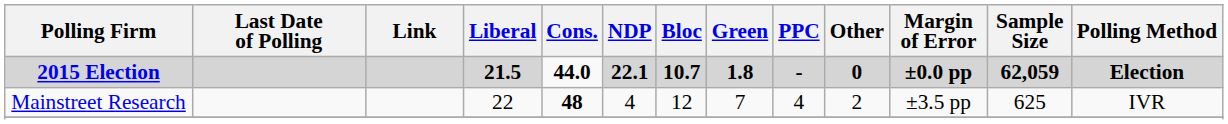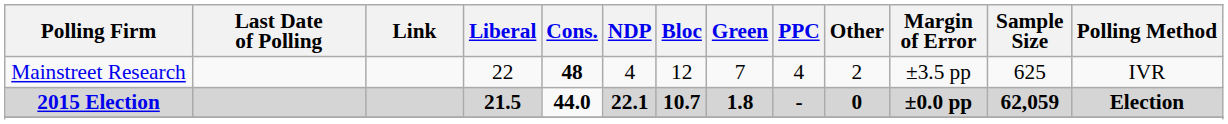 <table class="wikitable sortable" style="text-align:center;font-size:90%;line-height:14px;">
 <tr style="background:#e9e9e9;">
 <th style="width:120px">Polling Firm</th>
 <th style="width:110px">Last Date<br>of Polling</th>
 <th style="width:60px" class="unsortable">Link</th>
 <th style="background-color:"><strong><a href='#'>Liberal</a></strong></th>
 <th style="background-color:"><strong><a href='#'>Cons.</a></strong></th>
 <th style="background-color:"><strong><a href='#'>NDP</a></strong></th>
 <th style="background-color:"><strong><a href='#'>Bloc</a></strong></th>
 <th style="background-color:"><strong><a href='#'>Green</a></strong></th>
 <th style="background-color:"><strong><a href='#'>PPC</a></strong></th>
 <th style="background-color:"><strong>Other</strong></th>
 <th style="width:60px;" class=unsortable>Margin<br>of Error</th>
 <th style="width:50px;" class=unsortable>Sample<br>Size</th>
 <th class=unsortable>Polling Method</th>
 </tr>
 <tr>
+<td><a href='#'>Mainstreet Research</a></td>
+<td></td>
+<td></td>
+<td>22</td>
+<td><strong>48</strong></td>
+<td>4</td>
+<td>12</td>
+<td>7</td>
+<td>4</td>
+<td>2</td>
+<td>±3.5 pp</td>
+<td>625</td>
+<td>IVR</td>
+</tr>
+<tr>
 <td style="background:#D5D5D5"><strong><a href='#'>2015 Election</a></strong></td>
 <td style="background:#D5D5D5"><strong></strong></td>
 <td style="background:#D5D5D5"></td>
 <td style="background:#D5D5D5"><strong>21.5</strong></td>
 <td><strong>44.0</strong></td>
 <td style="background:#D5D5D5"><strong>22.1</strong></td>
 <td style="background:#D5D5D5"><strong>10.7</strong></td>
 <td style="background:#D5D5D5"><strong>1.8</strong></td>
 <td style="background:#D5D5D5"><strong>-</strong></td>
 <td style="background:#D5D5D5"><strong>0</strong></td>
 <td style="background:#D5D5D5"><strong>±0.0 pp</strong></td>
 <td style="background:#D5D5D5"><strong>62,059</strong></td>
 <td style="background:#D5D5D5"><strong>Election</strong></td>
 </tr>
 <tr>
-<td><a href='#'>Mainstreet Research</a></td>
-<td></td>
-<td></td>
-<td>22</td>
-<td><strong>48</strong></td>
-<td>4</td>
-<td>12</td>
-<td>7</td>
-<td>4</td>
-<td>2</td>
-<td>±3.5 pp</td>
-<td>625</td>
-<td>IVR</td>
-</tr>
-<tr>
 </tr>
 <tr>
 </tr>
 </table>
